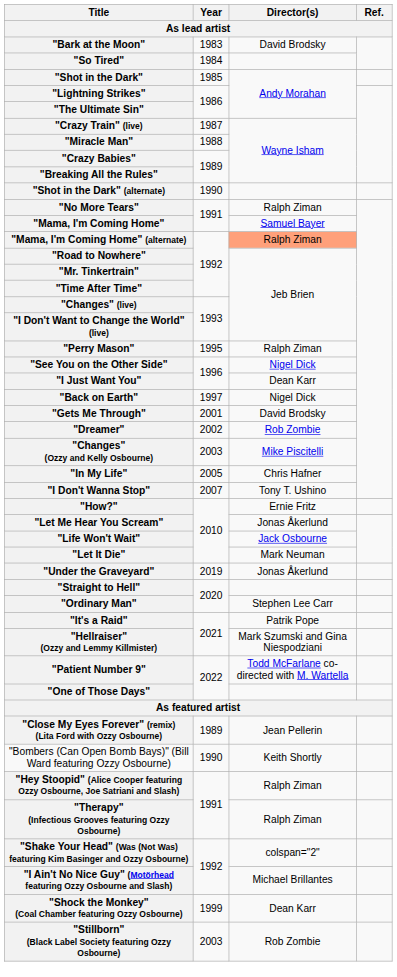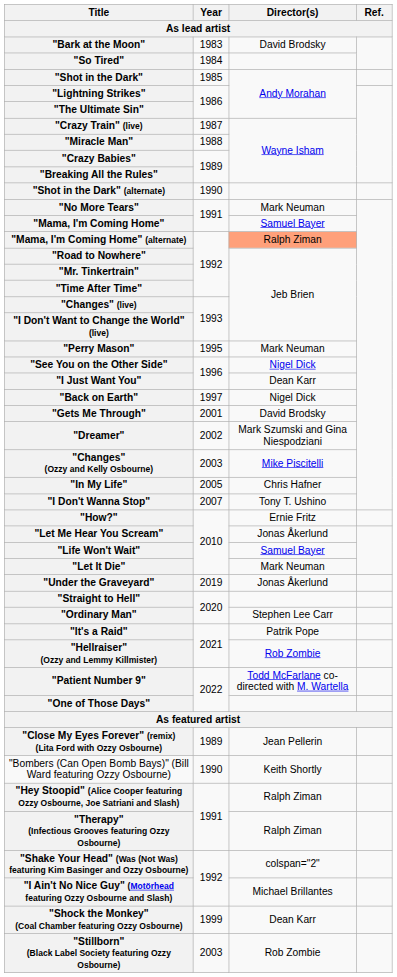 <table class="wikitable plainrowheaders" style="text-align:center">
 <tr>
 <th scope="col" style="width:18em">Title</th>
 <th scope="col" style="width:3em">Year</th>
 <th scope="col" style="width:12em">Director(s)</th>
 <th scope="col" style="width:3em">Ref.</th>
 </tr>
 <tr>
 <th scope="col" colspan="4">As lead artist</th>
 </tr>
 <tr>
 <th scope="row">"Bark at the Moon"</th>
 <td>1983</td>
 <td>David Brodsky</td>
 <td rowspan="2"></td>
 </tr>
 <tr>
 <th scope="row">"So Tired"</th>
 <td>1984</td>
 <td></td>
 </tr>
 <tr>
 <th scope="row">"Shot in the Dark"</th>
 <td>1985</td>
 <td rowspan="3"><a href='#'>Andy Morahan</a></td>
 <td></td>
 </tr>
 <tr>
 <th scope="row">"Lightning Strikes"</th>
 <td rowspan="2">1986</td>
 <td rowspan="6"></td>
 </tr>
 <tr>
 <th scope="row">"The Ultimate Sin"</th>
 </tr>
 <tr>
 <th scope="row">"Crazy Train" <small>(live)</small></th>
 <td>1987</td>
 <td rowspan="4"><a href='#'>Wayne Isham</a></td>
 </tr>
 <tr>
 <th scope="row">"Miracle Man"</th>
 <td>1988</td>
 </tr>
 <tr>
 <th scope="row">"Crazy Babies"</th>
 <td rowspan="2">1989</td>
 </tr>
 <tr>
 <th scope="row">"Breaking All the Rules"</th>
 </tr>
 <tr>
 <th scope="row">"Shot in the Dark" <small>(alternate)</small></th>
 <td>1990</td>
 <td></td>
 <td></td>
 </tr>
 <tr>
 <th scope="row">"No More Tears"</th>
 <td rowspan="2">1991</td>
-<td>Ralph Ziman</td>
+<td>Mark Neuman</td>
 <td rowspan="17"></td>
 </tr>
 <tr>
 <th scope="row">"Mama, I'm Coming Home"</th>
 <td><a href='#'>Samuel Bayer</a></td>
 </tr>
 <tr>
 <th scope="row">"Mama, I'm Coming Home" <small>(alternate)</small></th>
 <td rowspan="4">1992</td>
 <td style="background: lightsalmon;">Ralph Ziman</td>
 </tr>
 <tr>
 <th scope="row">"Road to Nowhere"</th>
 <td rowspan="5">Jeb Brien</td>
 </tr>
 <tr>
 <th scope="row">"Mr. Tinkertrain"</th>
 </tr>
 <tr>
 <th scope="row">"Time After Time"</th>
 </tr>
 <tr>
 <th scope="row">"Changes" <small>(live)</small></th>
 <td rowspan="2">1993</td>
 </tr>
 <tr>
 <th scope="row">"I Don't Want to Change the World" <small>(live)</small></th>
 </tr>
 <tr>
 <th scope="row">"Perry Mason"</th>
 <td>1995</td>
-<td>Ralph Ziman</td>
+<td>Mark Neuman</td>
 </tr>
 <tr>
 <th scope="row">"See You on the Other Side"</th>
 <td rowspan="2">1996</td>
 <td><a href='#'>Nigel Dick</a></td>
 </tr>
 <tr>
 <th scope="row">"I Just Want You"</th>
 <td>Dean Karr</td>
 </tr>
 <tr>
 <th scope="row">"Back on Earth"</th>
 <td>1997</td>
 <td>Nigel Dick</td>
 </tr>
 <tr>
 <th scope="row">"Gets Me Through"</th>
 <td>2001</td>
 <td>David Brodsky</td>
 </tr>
 <tr>
 <th scope="row">"Dreamer"</th>
 <td>2002</td>
-<td><a href='#'>Rob Zombie</a></td>
+<td>Mark Szumski and Gina Niespodziani</td>
 </tr>
 <tr>
 <th scope="row">"Changes"<br><small>(Ozzy and Kelly Osbourne)</small></th>
 <td>2003</td>
 <td><a href='#'>Mike Piscitelli</a></td>
 </tr>
 <tr>
 <th scope="row">"In My Life"</th>
 <td>2005</td>
 <td>Chris Hafner</td>
 </tr>
 <tr>
 <th scope="row">"I Don't Wanna Stop"</th>
 <td>2007</td>
 <td>Tony T. Ushino</td>
 </tr>
 <tr>
 <th scope="row">"How?"</th>
 <td rowspan="4">2010</td>
 <td>Ernie Fritz</td>
 <td></td>
 </tr>
 <tr>
 <th scope="row">"Let Me Hear You Scream"</th>
 <td>Jonas Åkerlund</td>
 <td rowspan="3"></td>
 </tr>
 <tr>
 <th scope="row">"Life Won't Wait"</th>
-<td><a href='#'>Jack Osbourne</a></td>
+<td><a href='#'>Samuel Bayer</a></td>
 </tr>
 <tr>
 <th scope="row">"Let It Die"</th>
 <td>Mark Neuman</td>
 </tr>
 <tr>
 <th scope="row">"Under the Graveyard"</th>
 <td>2019</td>
 <td>Jonas Åkerlund</td>
 <td></td>
 </tr>
 <tr>
 <th scope="row">"Straight to Hell"</th>
 <td rowspan="2">2020</td>
 <td></td>
 <td></td>
 </tr>
 <tr>
 <th scope="row">"Ordinary Man"</th>
 <td>Stephen Lee Carr</td>
 <td></td>
 </tr>
 <tr>
 <th scope="row">"It's a Raid"</th>
 <td rowspan="2">2021</td>
 <td>Patrik Pope</td>
 <td></td>
 </tr>
 <tr>
 <th scope="row">"Hellraiser"<br><small>(Ozzy and Lemmy Killmister)</small></th>
-<td>Mark Szumski and Gina Niespodziani</td>
+<td><a href='#'>Rob Zombie</a></td>
 <td></td>
 </tr>
 <tr>
 <th scope="row">"Patient Number 9"</th>
 <td rowspan="2">2022</td>
 <td><a href='#'>Todd McFarlane</a> co-directed with <a href='#'>M. Wartella</a></td>
 <td></td>
 </tr>
 <tr>
 <th scope="row">"One of Those Days"</th>
 <td></td>
 <td></td>
 </tr>
 <tr>
 <th scope="col" colspan="4">As featured artist</th>
 </tr>
 <tr>
 <th scope="row">"Close My Eyes Forever" <small>(remix)</small><br><small>(Lita Ford with Ozzy Osbourne)</small></th>
 <td>1989</td>
 <td>Jean Pellerin</td>
 <td></td>
 </tr>
 <tr>
 <td>"Bombers (Can Open Bomb Bays)" (Bill Ward featuring Ozzy Osbourne)</td>
 <td>1990</td>
 <td>Keith Shortly</td>
 <td></td>
 </tr>
 <tr>
 <th scope="row">"Hey Stoopid" <small>(Alice Cooper featuring<br>Ozzy Osbourne, Joe Satriani and Slash)</small></th>
 <td rowspan="2">1991</td>
 <td>Ralph Ziman</td>
 <td></td>
 </tr>
 <tr>
 <th scope="row">"Therapy"<br><small>(Infectious Grooves featuring Ozzy Osbourne)</small></th>
 <td>Ralph Ziman</td>
 <td></td>
 </tr>
 <tr>
 <th scope="row">"Shake Your Head" <small>(Was (Not Was)<br>featuring Kim Basinger and Ozzy Osbourne)</small></th>
 <td rowspan="2">1992</td>
 <td>colspan="2" </td>
 </tr>
 <tr>
 <th scope="row">"I Ain't No Nice Guy" <small>(<a href='#'>Motörhead</a><br>featuring Ozzy Osbourne and Slash)</small></th>
 <td>Michael Brillantes</td>
 <td></td>
 </tr>
 <tr>
 <th scope="row">"Shock the Monkey"<br><small>(Coal Chamber featuring Ozzy Osbourne)</small></th>
 <td>1999</td>
 <td>Dean Karr</td>
 <td></td>
 </tr>
 <tr>
 <th scope="row">"Stillborn"<br><small>(Black Label Society featuring Ozzy Osbourne)</small></th>
 <td>2003</td>
 <td>Rob Zombie</td>
 <td></td>
 </tr>
 </table>
